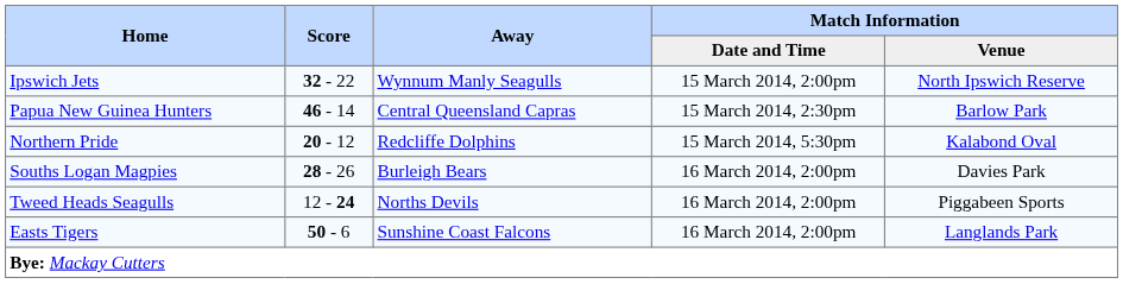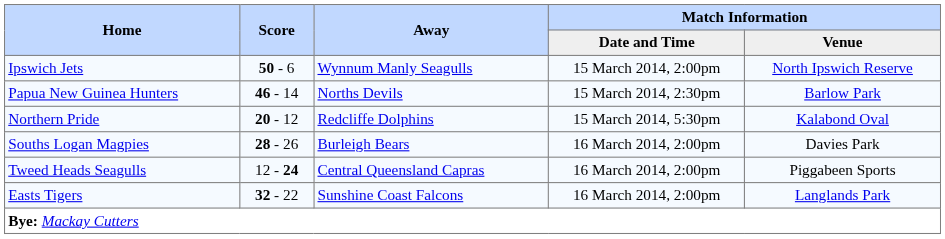 <table border=1 style="border-collapse:collapse; font-size:90%; text-align:center;" cellpadding=3 cellspacing=0>
 <tr bgcolor=#C1D8FF>
 <th rowspan=2 width=12%>Home</th>
 <th rowspan=2 width=3%>Score</th>
 <th rowspan=2 width=12%>Away</th>
 <th colspan=5>Match Information</th>
 </tr>
 <tr bgcolor=#EFEFEF>
 <th width=10%>Date and Time</th>
 <th width=10%>Venue</th>
 </tr>
 <tr bgcolor=#F5FAFF>
 <td align=left> <a href='#'>Ipswich Jets</a></td>
-<td><strong>32</strong> - 22</td>
+<td><strong>50</strong> - 6</td>
 <td align=left> <a href='#'>Wynnum Manly Seagulls</a></td>
 <td>15 March 2014, 2:00pm</td>
 <td><a href='#'>North Ipswich Reserve</a></td>
 </tr>
 <tr bgcolor=#F5FAFF>
 <td align=left> <a href='#'>Papua New Guinea Hunters</a></td>
 <td><strong>46</strong> - 14</td>
-<td align=left> <a href='#'>Central Queensland Capras</a></td>
+<td align=left> <a href='#'>Norths Devils</a></td>
 <td>15 March 2014, 2:30pm</td>
 <td><a href='#'>Barlow Park</a></td>
 </tr>
 <tr bgcolor=#F5FAFF>
 <td align=left> <a href='#'>Northern Pride</a></td>
 <td><strong>20</strong> - 12</td>
 <td align=left> <a href='#'>Redcliffe Dolphins</a></td>
 <td>15 March 2014, 5:30pm</td>
 <td><a href='#'>Kalabond Oval</a></td>
 </tr>
 <tr bgcolor=#F5FAFF>
 <td align=left> <a href='#'>Souths Logan Magpies</a></td>
 <td><strong>28</strong> - 26</td>
 <td align=left> <a href='#'>Burleigh Bears</a></td>
 <td>16 March 2014, 2:00pm</td>
 <td>Davies Park</td>
 </tr>
 <tr bgcolor=#F5FAFF>
 <td align=left> <a href='#'>Tweed Heads Seagulls</a></td>
 <td>12 - <strong>24</strong></td>
-<td align=left> <a href='#'>Norths Devils</a></td>
+<td align=left> <a href='#'>Central Queensland Capras</a></td>
 <td>16 March 2014, 2:00pm</td>
 <td>Piggabeen Sports</td>
 </tr>
 <tr bgcolor=#F5FAFF>
 <td align=left> <a href='#'>Easts Tigers</a></td>
-<td><strong>50</strong> - 6</td>
+<td><strong>32</strong> - 22</td>
 <td align=left> <a href='#'>Sunshine Coast Falcons</a></td>
 <td>16 March 2014, 2:00pm</td>
 <td><a href='#'>Langlands Park</a></td>
 </tr>
 <tr>
 <td colspan="5" style="text-align:left;"><strong>Bye:</strong> <em><a href='#'>Mackay Cutters</a></em></td>
 </tr>
 </table>
